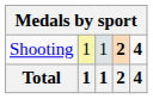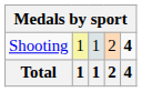 <table class="wikitable" style="font-size:90%; text-align:center;">
 <tr>
 <th colspan="5">Medals by sport</th>
 </tr>
 <tr>
 <td align="left"><a href='#'>Shooting</a></td>
 <td style="background:#F7F6A8;">1</td>
 <td style="background:#DCE5E5;">1</td>
-<td style="background:#FFDAB9;"><strong>2</strong></td>
+<td style="background:#FFDAB9;">2</td>
 <td><strong>4</strong></td>
 </tr>
 <tr class="sortbottom">
 <th>Total</th>
 <th>1</th>
 <th>1</th>
 <th>2</th>
 <th>4</th>
 </tr>
 </table>
